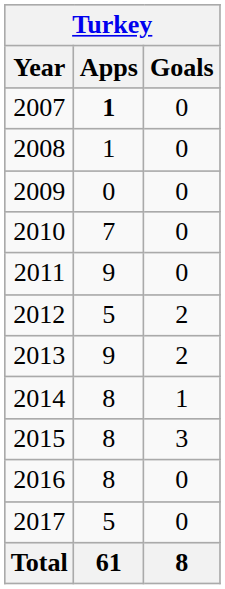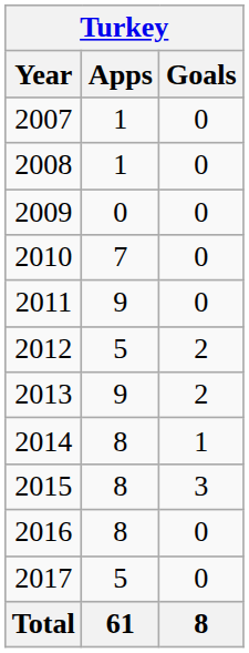 <table class="wikitable" style="text-align:center">
 <tr>
 <th colspan=3><a href='#'>Turkey</a></th>
 </tr>
 <tr>
 <th>Year</th>
 <th>Apps</th>
 <th>Goals</th>
 </tr>
 <tr>
 <td>2007</td>
-<td><strong>1</strong></td>
+<td>1</td>
 <td>0</td>
 </tr>
 <tr>
 <td>2008</td>
 <td>1</td>
 <td>0</td>
 </tr>
 <tr>
 <td>2009</td>
 <td>0</td>
 <td>0</td>
 </tr>
 <tr>
 <td>2010</td>
 <td>7</td>
 <td>0</td>
 </tr>
 <tr>
 <td>2011</td>
 <td>9</td>
 <td>0</td>
 </tr>
 <tr>
 <td>2012</td>
 <td>5</td>
 <td>2</td>
 </tr>
 <tr>
 <td>2013</td>
 <td>9</td>
 <td>2</td>
 </tr>
 <tr>
 <td>2014</td>
 <td>8</td>
 <td>1</td>
 </tr>
 <tr>
 <td>2015</td>
 <td>8</td>
 <td>3</td>
 </tr>
 <tr>
 <td>2016</td>
 <td>8</td>
 <td>0</td>
 </tr>
 <tr>
 <td>2017</td>
 <td>5</td>
 <td>0</td>
 </tr>
 <tr>
 <th>Total</th>
 <th>61</th>
 <th>8</th>
 </tr>
 </table>
